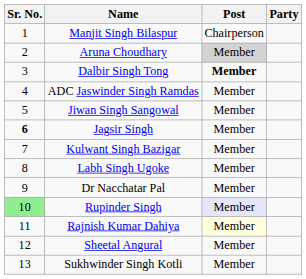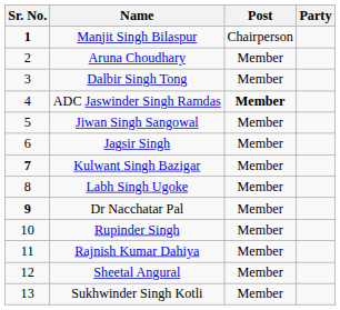 <table class="wikitable">
 <tr>
 <th>Sr. No.</th>
 <th>Name</th>
 <th>Post</th>
 <th colspan="2">Party</th>
 </tr>
 <tr align="center">
-<td>1</td>
+<td><strong>1</strong></td>
 <td><a href='#'>Manjit Singh Bilaspur</a></td>
 <td>Chairperson</td>
 <td></td>
 </tr>
 <tr align="center">
 <td>2</td>
 <td><a href='#'>Aruna Choudhary</a></td>
-<td style="background: lightgrey;">Member</td>
+<td>Member</td>
 <td></td>
 </tr>
 <tr align="center">
 <td>3</td>
 <td><a href='#'>Dalbir Singh Tong</a></td>
-<td><strong>Member</strong></td>
+<td>Member</td>
 <td></td>
 </tr>
 <tr align="center">
 <td>4</td>
 <td>ADC <a href='#'>Jaswinder Singh Ramdas</a></td>
-<td>Member</td>
+<td><strong>Member</strong></td>
 <td></td>
 </tr>
 <tr align="center">
 <td>5</td>
 <td><a href='#'>Jiwan Singh Sangowal</a></td>
 <td>Member</td>
 <td></td>
 </tr>
 <tr align="center">
-<td><strong>6</strong></td>
+<td>6</td>
 <td><a href='#'>Jagsir Singh</a></td>
 <td>Member</td>
 <td></td>
 </tr>
 <tr align="center">
-<td>7</td>
+<td><strong>7</strong></td>
 <td><a href='#'>Kulwant Singh Bazigar</a></td>
 <td>Member</td>
 <td></td>
 </tr>
 <tr align="center">
 <td>8</td>
 <td><a href='#'>Labh Singh Ugoke</a></td>
 <td>Member</td>
 <td></td>
 </tr>
 <tr align="center">
-<td>9</td>
+<td><strong>9</strong></td>
 <td>Dr Nacchatar Pal</td>
 <td>Member</td>
 <td></td>
 </tr>
 <tr align="center">
-<td style="background: lightgreen;">10</td>
+<td>10</td>
 <td><a href='#'>Rupinder Singh</a></td>
-<td style="background: lavender;">Member</td>
+<td>Member</td>
 <td></td>
 </tr>
 <tr align="center">
 <td>11</td>
 <td><a href='#'>Rajnish Kumar Dahiya</a></td>
-<td style="background: lightyellow;">Member</td>
+<td>Member</td>
 <td></td>
 </tr>
 <tr align="center">
 <td>12</td>
 <td><a href='#'>Sheetal Angural</a></td>
 <td>Member</td>
 <td></td>
 </tr>
 <tr align="center">
 <td>13</td>
 <td>Sukhwinder Singh Kotli</td>
 <td>Member</td>
 <td></td>
 </tr>
 </table>
